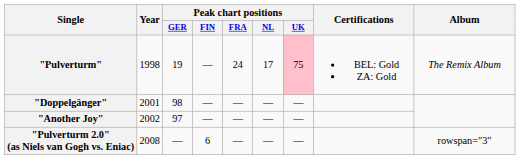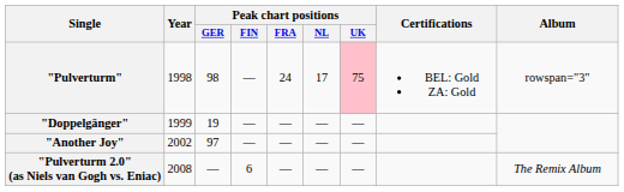 <table class="wikitable plainrowheaders" style="text-align:center;">
 <tr>
 <th rowspan="2" style="width:200px;">Single</th>
 <th rowspan="2">Year</th>
 <th colspan="5">Peak chart positions</th>
 <th rowspan="2" width="150">Certifications</th>
 <th style="width:150px;" rowspan="2">Album</th>
 </tr>
 <tr>
 <th scope="col" style="width:3em;font-size:85%;"><a href='#'>GER</a></th>
 <th scope="col" style="width:3em;font-size:85%;"><a href='#'>FIN</a></th>
 <th scope="col" style="width:3em;font-size:85%;"><a href='#'>FRA</a></th>
 <th scope="col" style="width:3em;font-size:85%;"><a href='#'>NL</a></th>
 <th scope="col" style="width:3em;font-size:85%;"><a href='#'>UK</a></th>
 </tr>
 <tr>
 <th scope="row">"Pulverturm"</th>
 <td>1998</td>
-<td>19</td>
+<td>98</td>
 <td>—</td>
 <td>24<br></td>
 <td>17<br></td>
 <td style="background: pink;">75</td>
 <td><br><ul><li>BEL: Gold</li><li>ZA: Gold</li></ul></td>
-<td><em>The Remix Album</em></td>
+<td>rowspan="3" </td>
 </tr>
 <tr>
 <th scope="row">"Doppelgänger"</th>
-<td>2001</td>
-<td>98</td>
+<td>1999</td>
+<td>19</td>
 <td>—</td>
 <td>—</td>
 <td>—</td>
 <td>—</td>
 <td></td>
 </tr>
 <tr>
 <th scope="row">"Another Joy"</th>
 <td>2002</td>
 <td>97</td>
 <td>—</td>
 <td>—</td>
 <td>—</td>
 <td>—</td>
 <td></td>
 </tr>
 <tr>
 <th scope="row">"Pulverturm 2.0"<br><span>(as Niels van Gogh vs. Eniac)</span></th>
 <td>2008</td>
 <td>—</td>
 <td>6<br></td>
 <td>—</td>
 <td>—</td>
 <td>—</td>
 <td></td>
-<td>rowspan="3" </td>
+<td><em>The Remix Album</em></td>
 </tr>
 </table>
